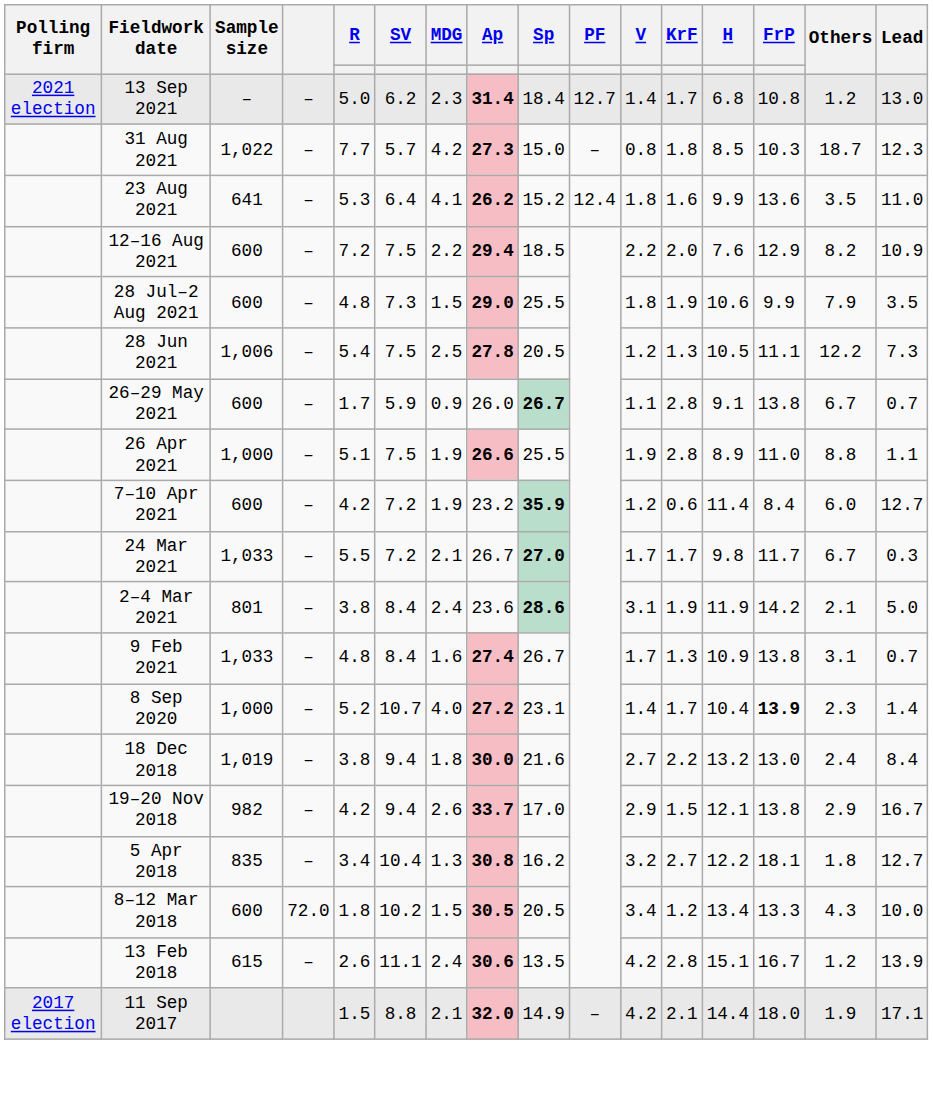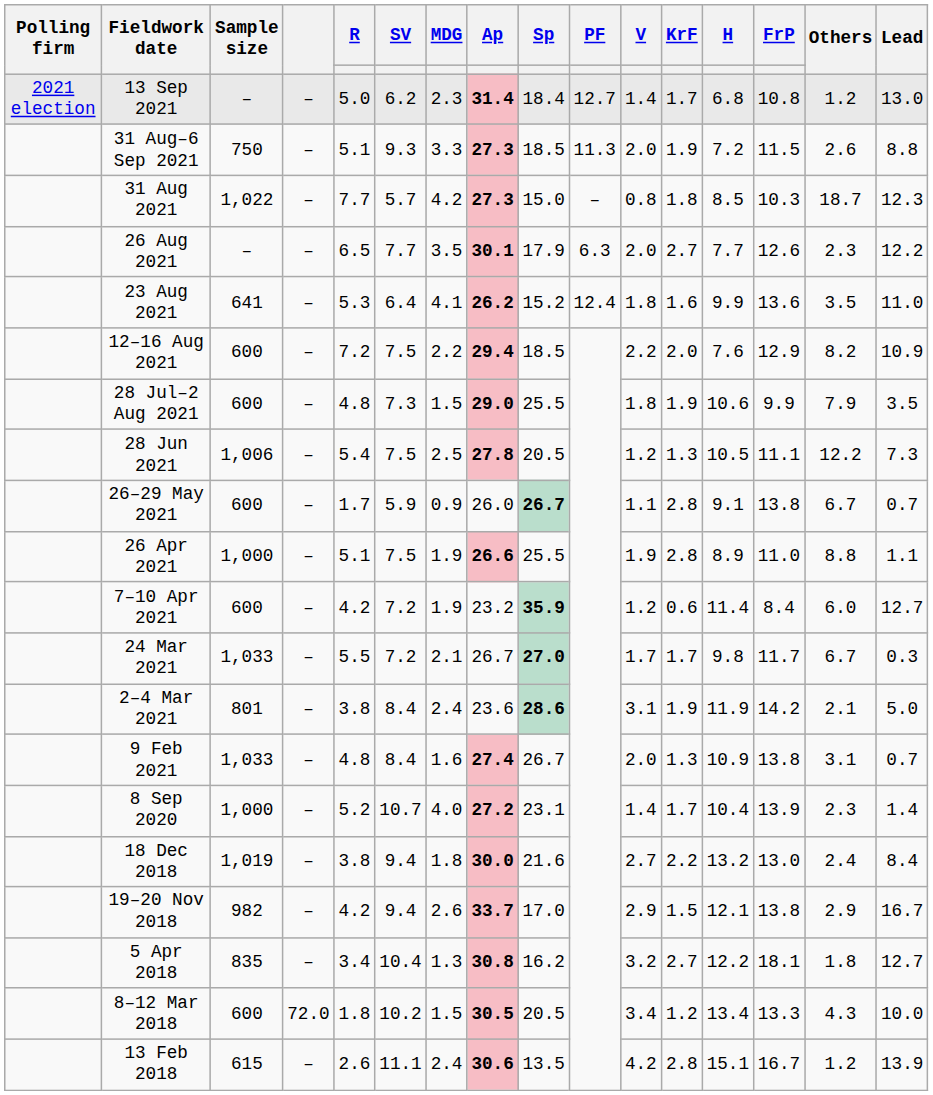 <table class="wikitable mw-collapsible sortable" style="text-align:center;font-size:90%;line-height:14px;">
 <tr style="height:40px;">
 <th rowspan="2" style="width:100px;">Polling firm</th>
 <th rowspan="2" style="width:130px;">Fieldwork date</th>
 <th rowspan="2" style="width:35px;">Sample<br>size</th>
 <th rowspan="2" style="width:30px;"></th>
 <th class="unsortable" style="width:30px;"><a href='#'>R</a></th>
 <th class="unsortable" style="width:30px;"><a href='#'>SV</a></th>
 <th class="unsortable" style="width:30px;"><a href='#'>MDG</a></th>
 <th class="unsortable" style="width:30px;"><a href='#'>Ap</a></th>
 <th class="unsortable" style="width:30px;"><a href='#'>Sp</a></th>
 <th class="unsortable" style="width:30px;"><a href='#'>PF</a></th>
 <th class="unsortable" style="width:30px;"><a href='#'>V</a></th>
 <th class="unsortable" style="width:30px;"><a href='#'>KrF</a></th>
 <th class="unsortable" style="width:30px;"><a href='#'>H</a></th>
 <th class="unsortable" style="width:30px;"><a href='#'>FrP</a></th>
 <th class="unsortable" style="width:20px;" rowspan="2">Others</th>
 <th rowspan="2" style="width:30px;">Lead</th>
 </tr>
 <tr>
 <th style="background:"></th>
 <th style="background:"></th>
 <th style="background:"></th>
 <th style="background:"></th>
 <th style="background:"></th>
 <th style="background:"></th>
 <th style="background:"></th>
 <th style="background:"></th>
 <th style="background:"></th>
 <th style="background:"></th>
 </tr>
 <tr style="background:#E9E9E9;">
 <td><a href='#'>2021 election</a></td>
 <td data-sort-value="2021-09-13">13 Sep 2021</td>
 <td>–</td>
 <td>–</td>
 <td>5.0</td>
 <td>6.2</td>
 <td>2.3</td>
 <td style="background:#F7BDC5;"><strong>31.4</strong></td>
 <td>18.4</td>
 <td>12.7</td>
 <td>1.4</td>
 <td>1.7</td>
 <td>6.8</td>
 <td>10.8</td>
 <td>1.2</td>
 <td style="background:">13.0</td>
 </tr>
 <tr>
 <td></td>
+<td data-sort-value="2021-09-06">31 Aug–6 Sep 2021</td>
+<td>750</td>
+<td>–</td>
+<td>5.1</td>
+<td>9.3</td>
+<td>3.3</td>
+<td style="background:#F7BDC5;"><strong>27.3</strong></td>
+<td>18.5</td>
+<td>11.3</td>
+<td>2.0</td>
+<td>1.9</td>
+<td>7.2</td>
+<td>11.5</td>
+<td>2.6</td>
+<td style="background:">8.8</td>
+</tr>
+<tr>
+<td></td>
 <td>31 Aug 2021</td>
 <td>1,022</td>
 <td>–</td>
 <td>7.7</td>
 <td>5.7</td>
 <td>4.2</td>
 <td style="background:#F7BDC5;"><strong>27.3</strong></td>
 <td>15.0</td>
 <td>–</td>
 <td>0.8</td>
 <td>1.8</td>
 <td>8.5</td>
 <td>10.3</td>
 <td>18.7</td>
 <td style="background:">12.3</td>
+</tr>
+<tr>
+<td></td>
+<td>26 Aug 2021</td>
+<td>–</td>
+<td>–</td>
+<td>6.5</td>
+<td>7.7</td>
+<td>3.5</td>
+<td style="background:#F7BDC5;"><strong>30.1</strong></td>
+<td>17.9</td>
+<td>6.3</td>
+<td>2.0</td>
+<td>2.7</td>
+<td>7.7</td>
+<td>12.6</td>
+<td>2.3</td>
+<td style="background:">12.2</td>
 </tr>
 <tr>
 <td></td>
 <td data-sort-value="2021-08-23">23 Aug 2021</td>
 <td>641</td>
 <td>–</td>
 <td>5.3</td>
 <td>6.4</td>
 <td>4.1</td>
 <td style="background:#F7BDC5;"><strong>26.2</strong></td>
 <td>15.2</td>
 <td>12.4</td>
 <td>1.8</td>
 <td>1.6</td>
 <td>9.9</td>
 <td>13.6</td>
 <td>3.5</td>
 <td style="background:">11.0</td>
 </tr>
 <tr>
 <td></td>
 <td data-sort-value="2021-08-16">12–16 Aug 2021</td>
 <td>600</td>
 <td>–</td>
 <td>7.2</td>
 <td>7.5</td>
 <td>2.2</td>
 <td style="background:#F7BDC5;"><strong>29.4</strong></td>
 <td>18.5</td>
 <td rowspan="15"></td>
 <td>2.2</td>
 <td>2.0</td>
 <td>7.6</td>
 <td>12.9</td>
 <td>8.2</td>
 <td style="background:">10.9</td>
 </tr>
 <tr>
 <td></td>
 <td data-sort-value="2021-08-02">28 Jul–2 Aug 2021</td>
 <td>600</td>
 <td>–</td>
 <td>4.8</td>
 <td>7.3</td>
 <td>1.5</td>
 <td style="background:#F7BDC5;"><strong>29.0</strong></td>
 <td>25.5</td>
 <td>1.8</td>
 <td>1.9</td>
 <td>10.6</td>
 <td>9.9</td>
 <td>7.9</td>
 <td style="background:">3.5</td>
 </tr>
 <tr>
 <td></td>
 <td data-sort-value="2021-06-28">28 Jun 2021</td>
 <td>1,006</td>
 <td>–</td>
 <td>5.4</td>
 <td>7.5</td>
 <td>2.5</td>
 <td style="background:#F7BDC5;"><strong>27.8</strong></td>
 <td>20.5</td>
 <td>1.2</td>
 <td>1.3</td>
 <td>10.5</td>
 <td>11.1</td>
 <td>12.2</td>
 <td style="background:">7.3</td>
 </tr>
 <tr>
 <td></td>
 <td data-sort-value="2021-05-29">26–29 May 2021</td>
 <td>600</td>
 <td>–</td>
 <td>1.7</td>
 <td>5.9</td>
 <td>0.9</td>
 <td>26.0</td>
 <td style="background:#BADECC;"><strong>26.7</strong></td>
 <td>1.1</td>
 <td>2.8</td>
 <td>9.1</td>
 <td>13.8</td>
 <td>6.7</td>
 <td style="background:">0.7</td>
 </tr>
 <tr>
 <td></td>
 <td data-sort-value="2021-04-26">26 Apr 2021</td>
 <td>1,000</td>
 <td>–</td>
 <td>5.1</td>
 <td>7.5</td>
 <td>1.9</td>
 <td style="background:#F7BDC5;"><strong>26.6</strong></td>
 <td>25.5</td>
 <td>1.9</td>
 <td>2.8</td>
 <td>8.9</td>
 <td>11.0</td>
 <td>8.8</td>
 <td style="background:">1.1</td>
 </tr>
 <tr>
 <td></td>
 <td data-sort-value="2021-04-10">7–10 Apr 2021</td>
 <td>600</td>
 <td>–</td>
 <td>4.2</td>
 <td>7.2</td>
 <td>1.9</td>
 <td>23.2</td>
 <td style="background:#BADECC;"><strong>35.9</strong></td>
 <td>1.2</td>
 <td>0.6</td>
 <td>11.4</td>
 <td>8.4</td>
 <td>6.0</td>
 <td style="background:">12.7</td>
 </tr>
 <tr>
 <td></td>
 <td data-sort-value="2021-03-24">24 Mar 2021</td>
 <td>1,033</td>
 <td>–</td>
 <td>5.5</td>
 <td>7.2</td>
 <td>2.1</td>
 <td>26.7</td>
 <td style="background:#BADECC;"><strong>27.0</strong></td>
 <td>1.7</td>
 <td>1.7</td>
 <td>9.8</td>
 <td>11.7</td>
 <td>6.7</td>
 <td style="background:">0.3</td>
 </tr>
 <tr>
 <td></td>
 <td data-sort-value="2021-03-04">2–4 Mar 2021</td>
 <td>801</td>
 <td>–</td>
 <td>3.8</td>
 <td>8.4</td>
 <td>2.4</td>
 <td>23.6</td>
 <td style="background:#BADECC;"><strong>28.6</strong></td>
 <td>3.1</td>
 <td>1.9</td>
 <td>11.9</td>
 <td>14.2</td>
 <td>2.1</td>
 <td style="background:">5.0</td>
 </tr>
 <tr>
 <td></td>
 <td data-sort-value="2021-02-09">9 Feb 2021</td>
 <td>1,033</td>
 <td>–</td>
 <td>4.8</td>
 <td>8.4</td>
 <td>1.6</td>
 <td style="background:#F7BDC5;"><strong>27.4</strong></td>
 <td>26.7</td>
-<td>1.7</td>
+<td>2.0</td>
 <td>1.3</td>
 <td>10.9</td>
 <td>13.8</td>
 <td>3.1</td>
 <td style="background:">0.7</td>
 </tr>
 <tr>
 <td></td>
 <td data-sort-value="2020-09-08">8 Sep 2020</td>
 <td>1,000</td>
 <td>–</td>
 <td>5.2</td>
 <td>10.7</td>
 <td>4.0</td>
 <td style="background:#F7BDC5;"><strong>27.2</strong></td>
 <td>23.1</td>
 <td>1.4</td>
 <td>1.7</td>
 <td>10.4</td>
-<td><strong>13.9</strong></td>
+<td>13.9</td>
 <td>2.3</td>
 <td style="background:">1.4</td>
 </tr>
 <tr>
 <td></td>
 <td data-sort-value="2018-12-18">18 Dec 2018</td>
 <td>1,019</td>
 <td>–</td>
 <td>3.8</td>
 <td>9.4</td>
 <td>1.8</td>
 <td style="background:#F7BDC5;"><strong>30.0</strong></td>
 <td>21.6</td>
 <td>2.7</td>
 <td>2.2</td>
 <td>13.2</td>
 <td>13.0</td>
 <td>2.4</td>
 <td style="background:">8.4</td>
 </tr>
 <tr>
 <td></td>
 <td data-sort-value="2018-11-20">19–20 Nov 2018</td>
 <td>982</td>
 <td>–</td>
 <td>4.2</td>
 <td>9.4</td>
 <td>2.6</td>
 <td style="background:#F7BDC5;"><strong>33.7</strong></td>
 <td>17.0</td>
 <td>2.9</td>
 <td>1.5</td>
 <td>12.1</td>
 <td>13.8</td>
 <td>2.9</td>
 <td style="background:">16.7</td>
 </tr>
 <tr>
 <td></td>
 <td data-sort-value="2018-04-05">5 Apr 2018</td>
 <td>835</td>
 <td>–</td>
 <td>3.4</td>
 <td>10.4</td>
 <td>1.3</td>
 <td style="background:#F7BDC5;"><strong>30.8</strong></td>
 <td>16.2</td>
 <td>3.2</td>
 <td>2.7</td>
 <td>12.2</td>
 <td>18.1</td>
 <td>1.8</td>
 <td style="background:">12.7</td>
 </tr>
 <tr>
 <td></td>
 <td data-sort-value="2018-03-12">8–12 Mar 2018</td>
 <td>600</td>
 <td>72.0</td>
 <td>1.8</td>
 <td>10.2</td>
 <td>1.5</td>
 <td style="background:#F7BDC5;"><strong>30.5</strong></td>
 <td>20.5</td>
 <td>3.4</td>
 <td>1.2</td>
 <td>13.4</td>
 <td>13.3</td>
 <td>4.3</td>
 <td style="background:">10.0</td>
 </tr>
 <tr>
 <td></td>
 <td data-sort-value="2018-02-13">13 Feb 2018</td>
 <td>615</td>
 <td>–</td>
 <td>2.6</td>
 <td>11.1</td>
 <td>2.4</td>
 <td style="background:#F7BDC5;"><strong>30.6</strong></td>
 <td>13.5</td>
 <td>4.2</td>
 <td>2.8</td>
 <td>15.1</td>
 <td>16.7</td>
 <td>1.2</td>
 <td style="background:">13.9</td>
 </tr>
-<tr style="background:#E9E9E9;">
-<td><a href='#'>2017 election</a></td>
-<td data-sort-value="2017-09-11">11 Sep 2017</td>
-<td></td>
-<td></td>
-<td>1.5</td>
-<td>8.8</td>
-<td>2.1</td>
-<td style="background:#F7BDC5;"><strong>32.0</strong></td>
-<td>14.9</td>
-<td>–</td>
-<td>4.2</td>
-<td>2.1</td>
-<td>14.4</td>
-<td>18.0</td>
-<td>1.9</td>
-<td style="background:">17.1</td>
-</tr>
 </table>
